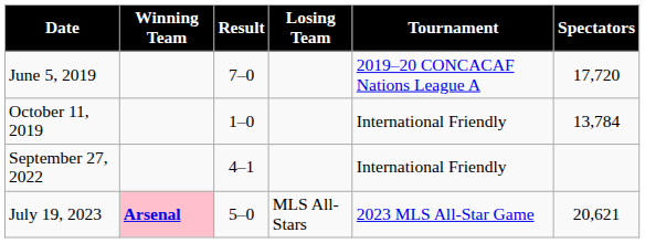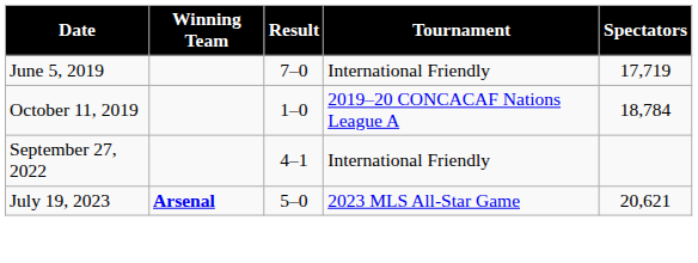 <table class="wikitable" style="text-align:left; width:95%;" style="text-align:center">
 <tr>
 <th style="text-align:center;  background:#000; color:#fff; ">Date</th>
 <th style="text-align:center;  background:#000; color:#fff; ">Winning Team</th>
 <th style="text-align:center;  background:#000; color:#fff; ">Result</th>
-<th style="text-align:center;  background:#000; color:#fff; ">Losing Team</th>
 <th style="text-align:center;  background:#000; color:#fff; ">Tournament</th>
 <th style="text-align:center;  background:#000; color:#fff; ">Spectators</th>
 </tr>
 <tr>
 <td>June 5, 2019</td>
 <td><strong></strong></td>
 <td style="text-align:center;">7–0</td>
-<td></td>
-<td><a href='#'>2019–20 CONCACAF Nations League A</a></td>
-<td style="text-align:center;">17,720</td>
+<td>International Friendly</td>
+<td style="text-align:center;">17,719</td>
 </tr>
 <tr>
 <td>October 11, 2019</td>
 <td><strong></strong></td>
 <td style="text-align:center;">1–0</td>
-<td></td>
-<td>International Friendly</td>
-<td style="text-align:center;">13,784</td>
+<td><a href='#'>2019–20 CONCACAF Nations League A</a></td>
+<td style="text-align:center;">18,784</td>
 </tr>
 <tr>
 <td>September 27, 2022</td>
 <td><strong></strong></td>
 <td style="text-align:center;">4–1</td>
-<td></td>
 <td>International Friendly</td>
 <td style="text-align:center;"></td>
 </tr>
 <tr>
 <td>July 19, 2023</td>
-<td style="background: pink;"><strong> <a href='#'>Arsenal</a></strong></td>
+<td><strong> <a href='#'>Arsenal</a></strong></td>
 <td style="text-align:center;">5–0</td>
-<td>  MLS All-Stars</td>
 <td><a href='#'>2023 MLS All-Star Game</a></td>
 <td style="text-align:center;">20,621</td>
 </tr>
 </table>
